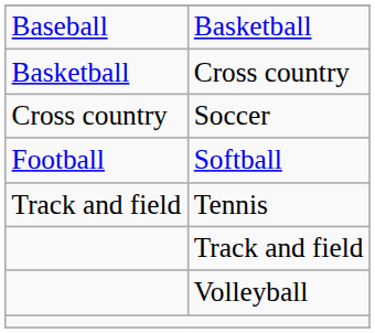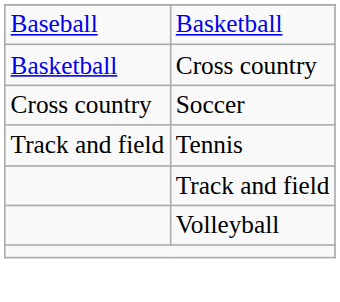 <table class="wikitable" style=" ">
 <tr>
 </tr>
 <tr>
 <td><a href='#'>Baseball</a></td>
 <td><a href='#'>Basketball</a></td>
 </tr>
 <tr>
 <td><a href='#'>Basketball</a></td>
 <td>Cross country</td>
 </tr>
 <tr>
 <td>Cross country</td>
 <td>Soccer</td>
-</tr>
-<tr>
-<td><a href='#'>Football</a></td>
-<td><a href='#'>Softball</a></td>
 </tr>
 <tr>
 <td>Track and field</td>
 <td>Tennis</td>
 </tr>
 <tr>
 <td></td>
 <td>Track and field</td>
 </tr>
 <tr>
 <td></td>
 <td>Volleyball</td>
 </tr>
 <tr>
 <td colspan="2"></td>
 </tr>
 </table>
